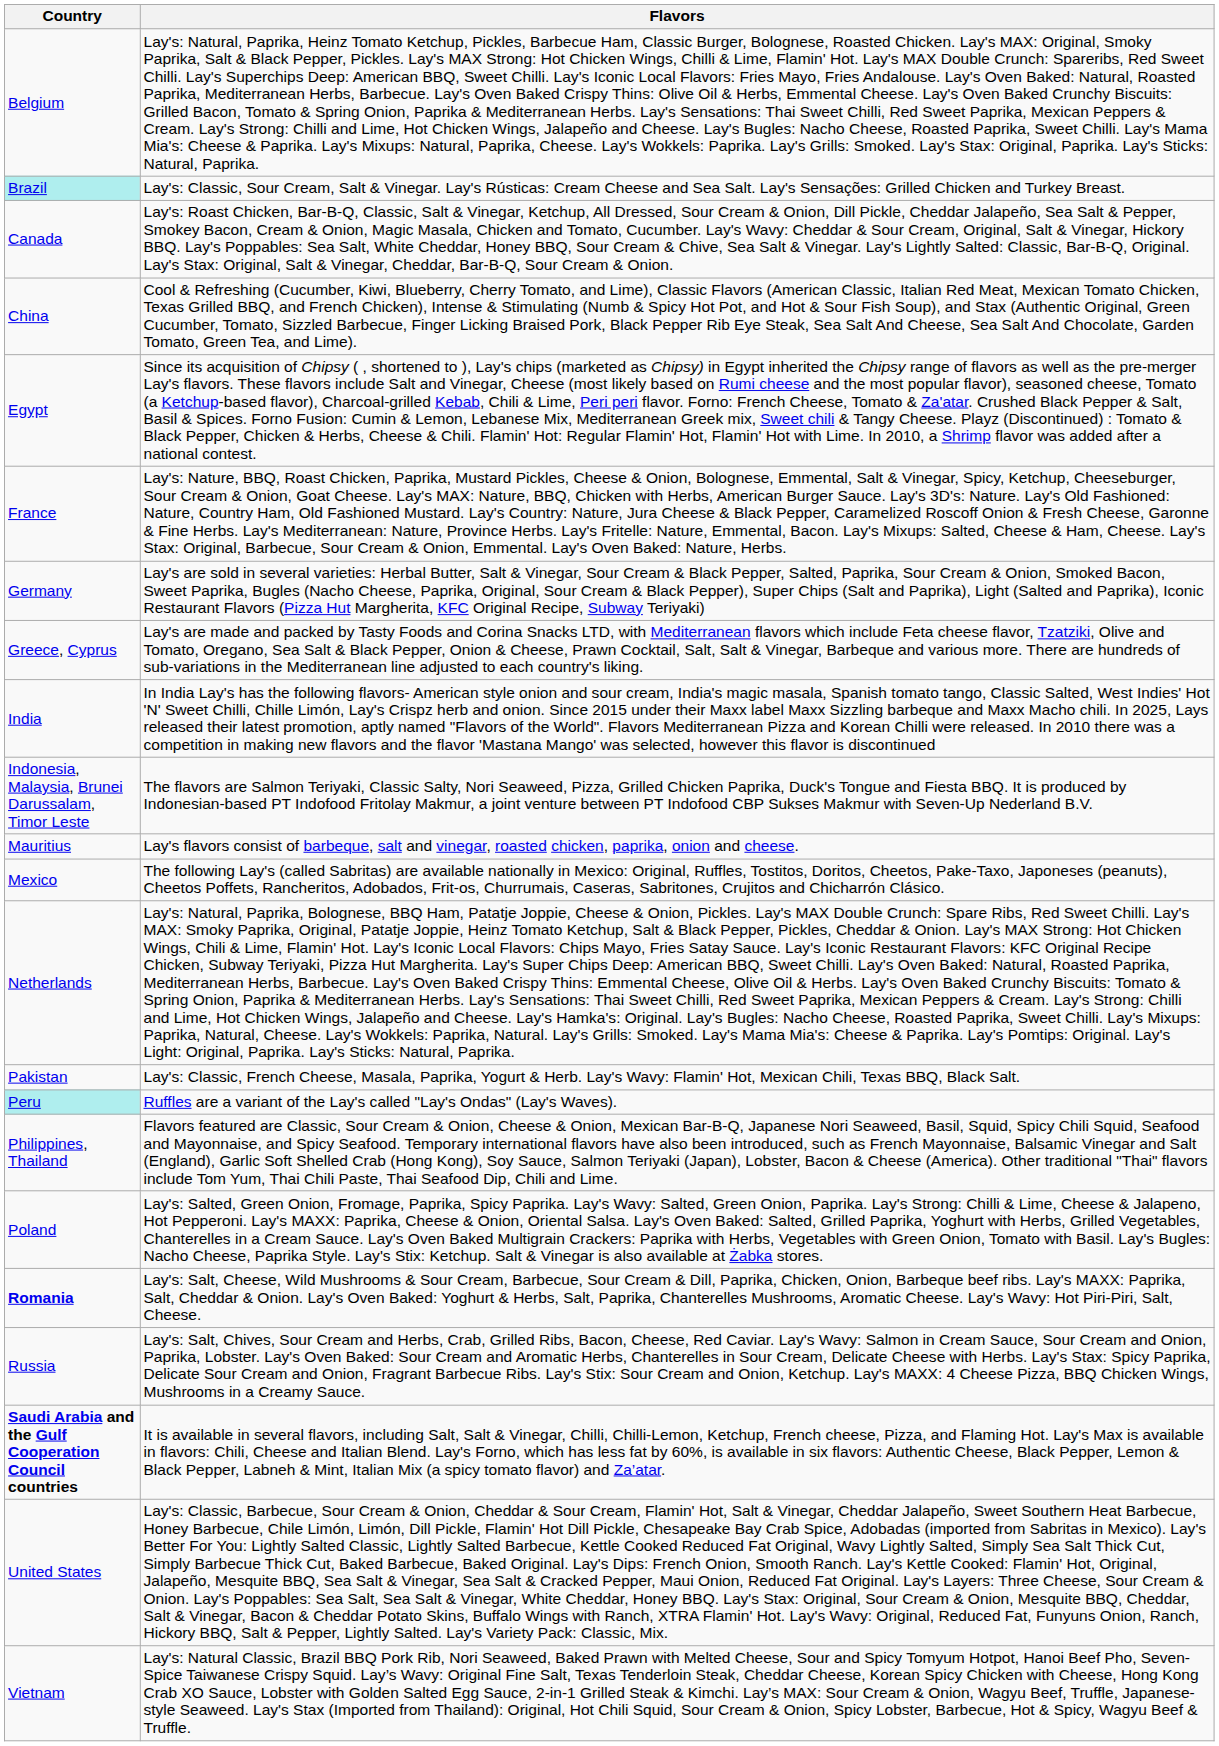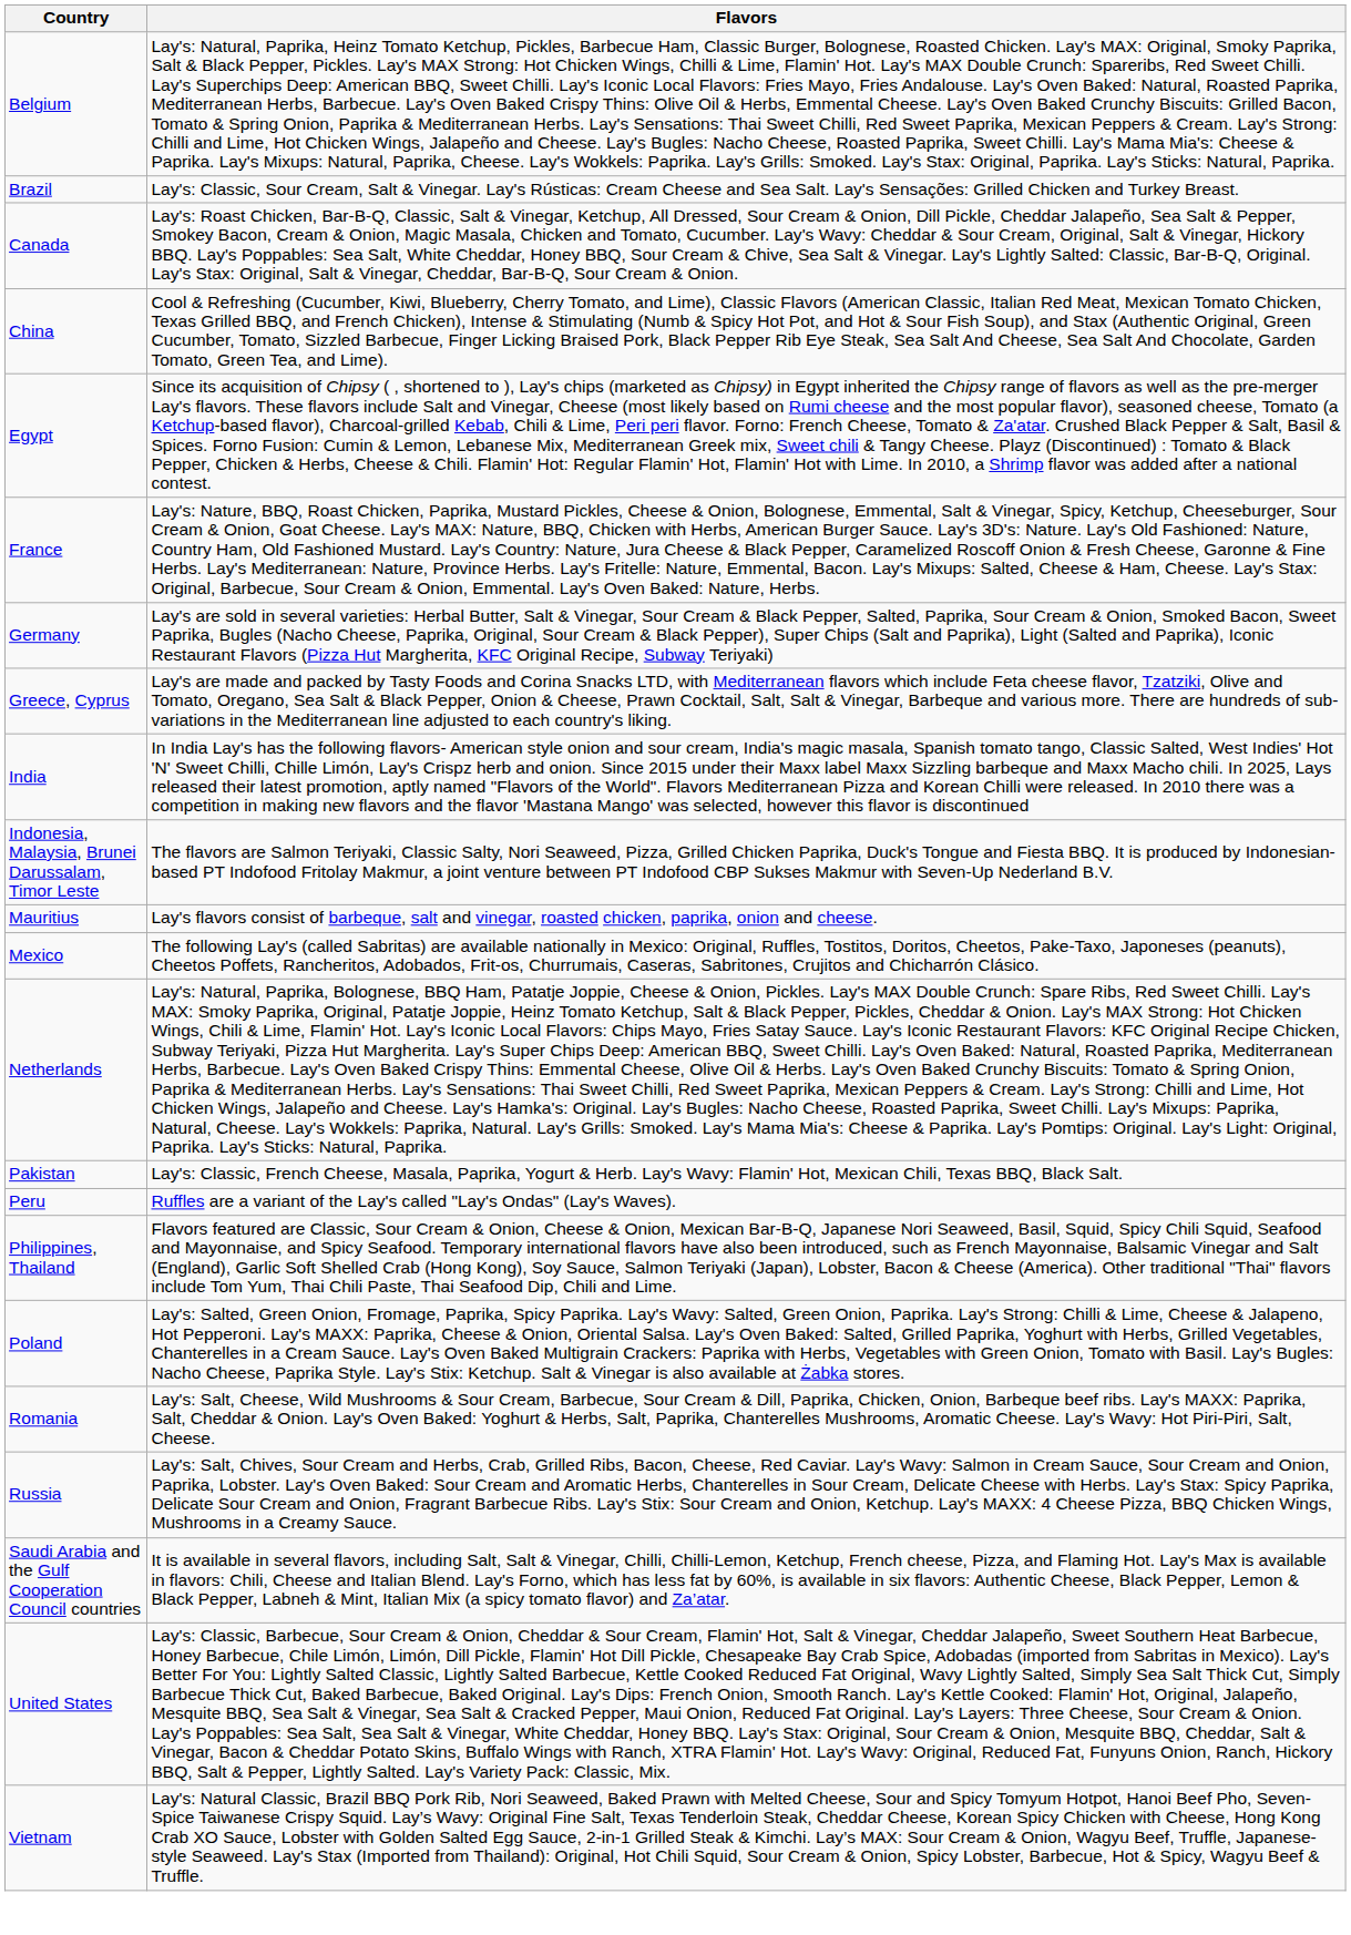 <table class="wikitable">
 <tr>
 <th>Country</th>
 <th>Flavors</th>
 </tr>
 <tr>
 <td><a href='#'>Belgium</a></td>
 <td>Lay's: Natural, Paprika, Heinz Tomato Ketchup, Pickles, Barbecue Ham, Classic Burger, Bolognese, Roasted Chicken. Lay's MAX: Original, Smoky Paprika, Salt & Black Pepper, Pickles. Lay's MAX Strong: Hot Chicken Wings, Chilli & Lime, Flamin' Hot. Lay's MAX Double Crunch: Spareribs, Red Sweet Chilli. Lay's Superchips Deep: American BBQ, Sweet Chilli. Lay's Iconic Local Flavors: Fries Mayo, Fries Andalouse. Lay's Oven Baked: Natural, Roasted Paprika, Mediterranean Herbs, Barbecue. Lay's Oven Baked Crispy Thins: Olive Oil & Herbs, Emmental Cheese. Lay's Oven Baked Crunchy Biscuits: Grilled Bacon, Tomato & Spring Onion, Paprika & Mediterranean Herbs. Lay's Sensations: Thai Sweet Chilli, Red Sweet Paprika, Mexican Peppers & Cream. Lay's Strong: Chilli and Lime, Hot Chicken Wings, Jalapeño and Cheese. Lay's Bugles: Nacho Cheese, Roasted Paprika, Sweet Chilli. Lay's Mama Mia's: Cheese & Paprika. Lay's Mixups: Natural, Paprika, Cheese. Lay's Wokkels: Paprika. Lay's Grills: Smoked. Lay's Stax: Original, Paprika. Lay's Sticks: Natural, Paprika.</td>
 </tr>
 <tr>
-<td style="background: paleturquoise;"><a href='#'>Brazil</a></td>
+<td><a href='#'>Brazil</a></td>
 <td>Lay's: Classic, Sour Cream, Salt & Vinegar. Lay's Rústicas: Cream Cheese and Sea Salt. Lay's Sensações: Grilled Chicken and Turkey Breast.</td>
 </tr>
 <tr>
 <td><a href='#'>Canada</a></td>
 <td>Lay's: Roast Chicken, Bar-B-Q, Classic, Salt & Vinegar, Ketchup, All Dressed, Sour Cream & Onion, Dill Pickle, Cheddar Jalapeño, Sea Salt & Pepper, Smokey Bacon, Cream & Onion, Magic Masala, Chicken and Tomato, Cucumber. Lay's Wavy: Cheddar & Sour Cream, Original, Salt & Vinegar, Hickory BBQ. Lay's Poppables: Sea Salt, White Cheddar, Honey BBQ, Sour Cream & Chive, Sea Salt & Vinegar. Lay's Lightly Salted: Classic, Bar-B-Q, Original. Lay's Stax: Original, Salt & Vinegar, Cheddar, Bar-B-Q, Sour Cream & Onion.</td>
 </tr>
 <tr>
 <td><a href='#'>China</a></td>
 <td>Cool & Refreshing (Cucumber, Kiwi, Blueberry, Cherry Tomato, and Lime), Classic Flavors (American Classic, Italian Red Meat, Mexican Tomato Chicken, Texas Grilled BBQ, and French Chicken), Intense & Stimulating (Numb & Spicy Hot Pot, and Hot & Sour Fish Soup), and Stax (Authentic Original, Green Cucumber, Tomato, Sizzled Barbecue, Finger Licking Braised Pork, Black Pepper Rib Eye Steak, Sea Salt And Cheese, Sea Salt And Chocolate, Garden Tomato, Green Tea, and Lime).</td>
 </tr>
 <tr>
 <td><a href='#'>Egypt</a></td>
 <td>Since its acquisition of <em>Chipsy</em> ( , shortened to ), Lay's chips (marketed as <em>Chipsy)</em> in Egypt inherited the <em>Chipsy</em> range of flavors as well as the pre-merger Lay's flavors. These flavors include Salt and Vinegar, Cheese (most likely based on <a href='#'>Rumi cheese</a> and the most popular flavor), seasoned cheese, Tomato (a <a href='#'>Ketchup</a>-based flavor), Charcoal-grilled <a href='#'>Kebab</a>, Chili & Lime, <a href='#'>Peri peri</a> flavor. Forno: French Cheese, Tomato & <a href='#'>Za'atar</a>. Crushed Black Pepper & Salt, Basil & Spices. Forno Fusion: Cumin & Lemon, Lebanese Mix, Mediterranean Greek mix, <a href='#'>Sweet chili</a> & Tangy Cheese. Playz (Discontinued) : Tomato & Black Pepper, Chicken & Herbs, Cheese & Chili. Flamin' Hot: Regular Flamin' Hot, Flamin' Hot with Lime. In 2010, a <a href='#'>Shrimp</a> flavor was added after a national contest.</td>
 </tr>
 <tr>
 <td><a href='#'>France</a></td>
 <td>Lay's: Nature, BBQ, Roast Chicken, Paprika, Mustard Pickles, Cheese & Onion, Bolognese, Emmental, Salt & Vinegar, Spicy, Ketchup, Cheeseburger, Sour Cream & Onion, Goat Cheese. Lay's MAX: Nature, BBQ, Chicken with Herbs, American Burger Sauce. Lay's 3D's: Nature. Lay's Old Fashioned: Nature, Country Ham, Old Fashioned Mustard. Lay's Country: Nature, Jura Cheese & Black Pepper, Caramelized Roscoff Onion & Fresh Cheese, Garonne & Fine Herbs. Lay's Mediterranean: Nature, Province Herbs. Lay's Fritelle: Nature, Emmental, Bacon. Lay's Mixups: Salted, Cheese & Ham, Cheese. Lay's Stax: Original, Barbecue, Sour Cream & Onion, Emmental. Lay's Oven Baked: Nature, Herbs.</td>
 </tr>
 <tr>
 <td><a href='#'>Germany</a></td>
 <td>Lay's are sold in several varieties: Herbal Butter, Salt & Vinegar, Sour Cream & Black Pepper, Salted, Paprika, Sour Cream & Onion, Smoked Bacon, Sweet Paprika, Bugles (Nacho Cheese, Paprika, Original, Sour Cream & Black Pepper), Super Chips (Salt and Paprika), Light (Salted and Paprika), Iconic Restaurant Flavors (<a href='#'>Pizza Hut</a> Margherita, <a href='#'>KFC</a> Original Recipe, <a href='#'>Subway</a> Teriyaki)</td>
 </tr>
 <tr>
 <td><a href='#'>Greece</a>, <a href='#'>Cyprus</a></td>
 <td>Lay's are made and packed by Tasty Foods and Corina Snacks LTD, with <a href='#'>Mediterranean</a> flavors which include Feta cheese flavor, <a href='#'>Tzatziki</a>, Olive and Tomato, Oregano, Sea Salt & Black Pepper, Onion & Cheese, Prawn Cocktail, Salt, Salt & Vinegar, Barbeque and various more. There are hundreds of sub-variations in the Mediterranean line adjusted to each country's liking. </td>
 </tr>
 <tr>
 <td><a href='#'>India</a></td>
 <td>In India Lay's has the following flavors- American style onion and sour cream, India's magic masala, Spanish tomato tango, Classic Salted, West Indies' Hot 'N' Sweet Chilli, Chille Limón, Lay's Crispz herb and onion. Since 2015 under their Maxx label Maxx Sizzling barbeque and Maxx Macho chili. In 2025, Lays released their latest promotion, aptly named "Flavors of the World". Flavors Mediterranean Pizza and Korean Chilli  were released. In 2010 there was a competition in making new flavors and the flavor 'Mastana Mango' was selected, however this flavor is discontinued </td>
 </tr>
 <tr>
 <td><a href='#'>Indonesia</a>, <a href='#'>Malaysia</a>, <a href='#'>Brunei Darussalam</a>, <a href='#'>Timor Leste</a></td>
 <td>The flavors are Salmon Teriyaki, Classic Salty, Nori Seaweed, Pizza, Grilled Chicken Paprika, Duck's Tongue and Fiesta BBQ. It is produced by Indonesian-based PT Indofood Fritolay Makmur, a joint venture between PT Indofood CBP Sukses Makmur with Seven-Up Nederland B.V.</td>
 </tr>
 <tr>
 <td><a href='#'>Mauritius</a></td>
 <td>Lay's flavors consist of <a href='#'>barbeque</a>, <a href='#'>salt</a> and <a href='#'>vinegar</a>, <a href='#'>roasted</a> <a href='#'>chicken</a>, <a href='#'>paprika</a>, <a href='#'>onion</a> and <a href='#'>cheese</a>. </td>
 </tr>
 <tr>
 <td><a href='#'>Mexico</a></td>
 <td>The following Lay's (called Sabritas) are available nationally in Mexico: Original, Ruffles, Tostitos, Doritos, Cheetos, Pake-Taxo, Japoneses (peanuts), Cheetos Poffets, Rancheritos, Adobados, Frit-os, Churrumais, Caseras, Sabritones, Crujitos and Chicharrón Clásico. </td>
 </tr>
 <tr>
 <td><a href='#'>Netherlands</a></td>
 <td>Lay's: Natural, Paprika, Bolognese, BBQ Ham, Patatje Joppie, Cheese & Onion, Pickles. Lay's MAX Double Crunch: Spare Ribs, Red Sweet Chilli. Lay's MAX: Smoky Paprika, Original, Patatje Joppie, Heinz Tomato Ketchup, Salt & Black Pepper, Pickles, Cheddar & Onion. Lay's MAX Strong: Hot Chicken Wings, Chili & Lime, Flamin' Hot. Lay's Iconic Local Flavors: Chips Mayo, Fries Satay Sauce. Lay's Iconic Restaurant Flavors: KFC Original Recipe Chicken, Subway Teriyaki, Pizza Hut Margherita. Lay's Super Chips Deep: American BBQ, Sweet Chilli. Lay's Oven Baked: Natural, Roasted Paprika, Mediterranean Herbs, Barbecue. Lay's Oven Baked Crispy Thins: Emmental Cheese, Olive Oil & Herbs. Lay's Oven Baked Crunchy Biscuits: Tomato & Spring Onion, Paprika & Mediterranean Herbs. Lay's Sensations: Thai Sweet Chilli, Red Sweet Paprika, Mexican Peppers & Cream. Lay's Strong: Chilli and Lime, Hot Chicken Wings, Jalapeño and Cheese. Lay's Hamka's: Original. Lay's Bugles: Nacho Cheese, Roasted Paprika, Sweet Chilli. Lay's Mixups: Paprika, Natural, Cheese. Lay's Wokkels: Paprika, Natural. Lay's Grills: Smoked. Lay's Mama Mia's: Cheese & Paprika. Lay's Pomtips: Original. Lay's Light: Original, Paprika. Lay's Sticks: Natural, Paprika.</td>
 </tr>
 <tr>
 <td><a href='#'>Pakistan</a></td>
 <td>Lay's: Classic, French Cheese, Masala, Paprika, Yogurt & Herb. Lay's Wavy: Flamin' Hot, Mexican Chili, Texas BBQ, Black Salt.</td>
 </tr>
 <tr>
-<td style="background: paleturquoise;"><a href='#'>Peru</a></td>
+<td><a href='#'>Peru</a></td>
 <td><a href='#'>Ruffles</a> are a variant of the Lay's called "Lay's Ondas" (Lay's Waves).</td>
 </tr>
 <tr>
 <td><a href='#'>Philippines</a>, <a href='#'>Thailand</a></td>
 <td>Flavors featured are Classic, Sour Cream & Onion, Cheese & Onion, Mexican Bar-B-Q, Japanese Nori Seaweed, Basil, Squid, Spicy Chili Squid, Seafood and Mayonnaise, and Spicy Seafood. Temporary international flavors have also been introduced, such as French Mayonnaise, Balsamic Vinegar and Salt (England), Garlic Soft Shelled Crab (Hong Kong), Soy Sauce, Salmon Teriyaki (Japan), Lobster, Bacon & Cheese (America). Other traditional "Thai" flavors include Tom Yum, Thai Chili Paste, Thai Seafood Dip, Chili and Lime.</td>
 </tr>
 <tr>
 <td><a href='#'>Poland</a></td>
 <td>Lay's: Salted, Green Onion, Fromage, Paprika, Spicy Paprika. Lay's Wavy: Salted, Green Onion, Paprika. Lay's Strong: Chilli & Lime, Cheese & Jalapeno, Hot Pepperoni. Lay's MAXX: Paprika, Cheese & Onion, Oriental Salsa. Lay's Oven Baked: Salted, Grilled Paprika, Yoghurt with Herbs, Grilled Vegetables, Chanterelles in a Cream Sauce. Lay's Oven Baked Multigrain Crackers: Paprika with Herbs, Vegetables with Green Onion, Tomato with Basil. Lay's Bugles: Nacho Cheese, Paprika Style. Lay's Stix: Ketchup. Salt & Vinegar is also available at <a href='#'>Żabka</a> stores.</td>
 </tr>
 <tr>
-<td><strong><a href='#'>Romania</a></strong></td>
+<td><a href='#'>Romania</a></td>
 <td>Lay's: Salt, Cheese, Wild Mushrooms & Sour Cream, Barbecue, Sour Cream & Dill, Paprika, Chicken, Onion, Barbeque beef ribs. Lay's MAXX: Paprika, Salt, Cheddar & Onion. Lay's Oven Baked: Yoghurt & Herbs, Salt, Paprika, Chanterelles Mushrooms, Aromatic Cheese. Lay's Wavy: Hot Piri-Piri, Salt, Cheese.</td>
 </tr>
 <tr>
 <td><a href='#'>Russia</a></td>
 <td>Lay's: Salt, Chives, Sour Cream and Herbs, Crab, Grilled Ribs, Bacon, Cheese, Red Caviar. Lay's Wavy: Salmon in Cream Sauce, Sour Cream and Onion, Paprika, Lobster. Lay's Oven Baked: Sour Cream and Aromatic Herbs, Chanterelles in Sour Cream, Delicate Cheese with Herbs. Lay's Stax: Spicy Paprika, Delicate Sour Cream and Onion, Fragrant Barbecue Ribs. Lay's Stix: Sour Cream and Onion, Ketchup. Lay's MAXX: 4 Cheese Pizza, BBQ Chicken Wings, Mushrooms in a Creamy Sauce.</td>
 </tr>
 <tr>
-<td><strong><a href='#'>Saudi Arabia</a> and the <a href='#'>Gulf Cooperation Council</a> countries</strong></td>
+<td><a href='#'>Saudi Arabia</a> and the <a href='#'>Gulf Cooperation Council</a> countries</td>
 <td>It is available in several flavors, including Salt, Salt & Vinegar, Chilli, Chilli-Lemon, Ketchup, French cheese, Pizza, and Flaming Hot. Lay's Max is available in flavors: Chili, Cheese and Italian Blend. Lay's Forno, which has less fat by 60%, is available in six flavors: Authentic Cheese, Black Pepper, Lemon & Black Pepper, Labneh & Mint, Italian Mix (a spicy tomato flavor) and <a href='#'>Za’atar</a>.</td>
 </tr>
 <tr>
 <td><a href='#'>United States</a></td>
 <td>Lay's: Classic, Barbecue, Sour Cream & Onion, Cheddar & Sour Cream, Flamin' Hot, Salt & Vinegar, Cheddar Jalapeño, Sweet Southern Heat Barbecue, Honey Barbecue, Chile Limón, Limón, Dill Pickle, Flamin' Hot Dill Pickle, Chesapeake Bay Crab Spice, Adobadas (imported from Sabritas in Mexico). Lay's Better For You: Lightly Salted Classic, Lightly Salted Barbecue, Kettle Cooked Reduced Fat Original, Wavy Lightly Salted, Simply Sea Salt Thick Cut, Simply Barbecue Thick Cut, Baked Barbecue, Baked Original. Lay's Dips: French Onion, Smooth Ranch. Lay's Kettle Cooked: Flamin' Hot, Original, Jalapeño, Mesquite BBQ, Sea Salt & Vinegar, Sea Salt & Cracked Pepper, Maui Onion, Reduced Fat Original. Lay's Layers: Three Cheese, Sour Cream & Onion. Lay's Poppables: Sea Salt, Sea Salt & Vinegar, White Cheddar, Honey BBQ. Lay's Stax: Original, Sour Cream & Onion, Mesquite BBQ, Cheddar, Salt & Vinegar, Bacon & Cheddar Potato Skins, Buffalo Wings with Ranch, XTRA Flamin' Hot. Lay's Wavy: Original, Reduced Fat, Funyuns Onion, Ranch, Hickory BBQ, Salt & Pepper, Lightly Salted. Lay's Variety Pack: Classic, Mix.</td>
 </tr>
 <tr>
 <td><a href='#'>Vietnam</a></td>
 <td>Lay's: Natural Classic, Brazil BBQ Pork Rib, Nori Seaweed, Baked Prawn with Melted Cheese, Sour and Spicy Tomyum Hotpot, Hanoi Beef Pho, Seven-Spice Taiwanese Crispy Squid. Lay’s Wavy: Original Fine Salt, Texas Tenderloin Steak, Cheddar Cheese, Korean Spicy Chicken with Cheese, Hong Kong Crab XO Sauce, Lobster with Golden Salted Egg Sauce, 2-in-1 Grilled Steak & Kimchi. Lay’s MAX: Sour Cream & Onion, Wagyu Beef, Truffle, Japanese-style Seaweed. Lay's Stax (Imported from Thailand): Original, Hot Chili Squid, Sour Cream & Onion, Spicy Lobster, Barbecue, Hot & Spicy, Wagyu Beef & Truffle.</td>
 </tr>
 </table>
